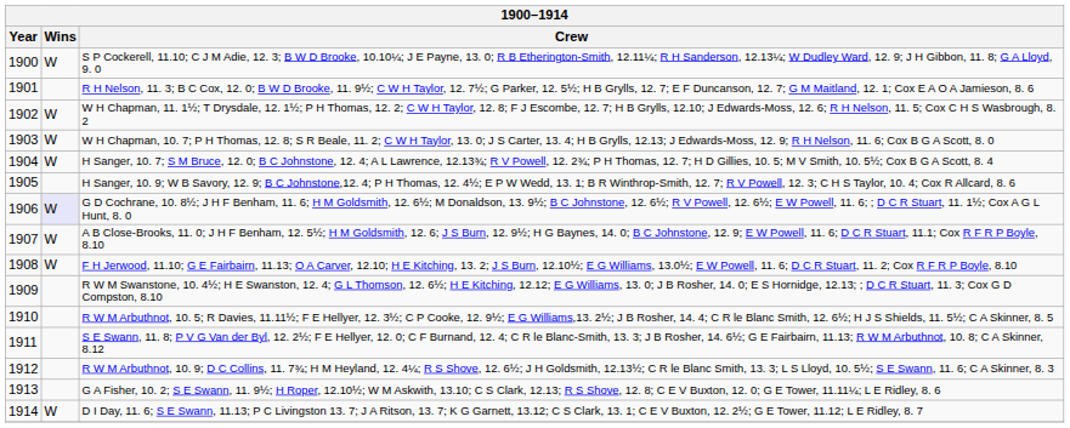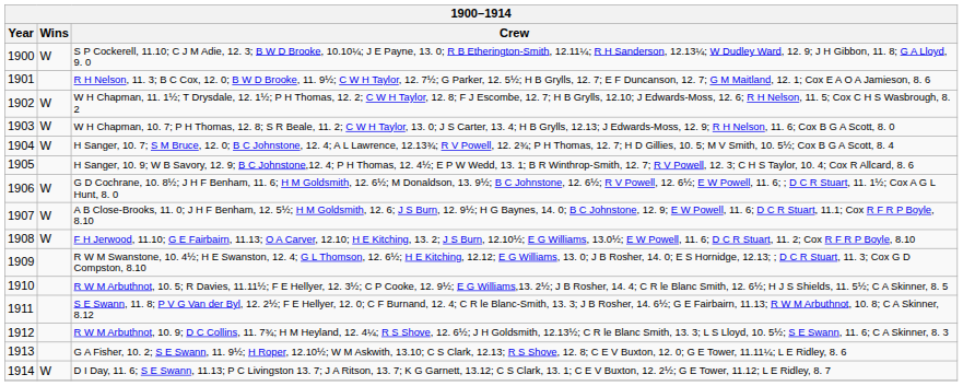 <table class="wikitable" style="width:100%;">
 <tr>
 <th colspan="3">1900–1914</th>
 </tr>
 <tr>
 <th>Year</th>
 <th>Wins</th>
 <th>Crew</th>
 </tr>
 <tr>
 <td>1900</td>
 <td>W</td>
 <td style="font-size:85%">S P Cockerell, 11.10; C J M Adie, 12. 3; <a href='#'>B W D Brooke</a>, 10.10¼; J E Payne, 13. 0; <a href='#'>R B Etherington-Smith</a>, 12.11¼; <a href='#'>R H Sanderson</a>, 12.13¼; <a href='#'>W Dudley Ward</a>, 12. 9; J H Gibbon, 11. 8; <a href='#'>G A Lloyd</a>, 9. 0</td>
 </tr>
 <tr>
 <td>1901</td>
 <td></td>
 <td style="font-size:85%"><a href='#'>R H Nelson</a>, 11. 3; B C Cox, 12. 0; <a href='#'>B W D Brooke</a>, 11. 9½; <a href='#'>C W H Taylor</a>, 12. 7½; G Parker, 12. 5½; H B Grylls, 12. 7; E F Duncanson, 12. 7; <a href='#'>G M Maitland</a>, 12. 1; Cox E A O A Jamieson, 8. 6</td>
 </tr>
 <tr>
 <td>1902</td>
 <td>W</td>
 <td style="font-size:85%">W H Chapman, 11. 1½; T Drysdale, 12. 1½; P H Thomas, 12. 2; <a href='#'>C W H Taylor</a>, 12. 8; F J Escombe, 12. 7; H B Grylls, 12.10; J Edwards-Moss, 12. 6; <a href='#'>R H Nelson</a>, 11. 5; Cox C H S Wasbrough, 8. 2</td>
 </tr>
 <tr>
 <td>1903</td>
 <td>W</td>
 <td style="font-size:85%">W H Chapman, 10. 7; P H Thomas, 12. 8; S R Beale, 11. 2; <a href='#'>C W H Taylor</a>, 13. 0; J S Carter, 13. 4; H B Grylls, 12.13; J Edwards-Moss, 12. 9; <a href='#'>R H Nelson</a>, 11. 6; Cox B G A Scott, 8. 0</td>
 </tr>
 <tr>
 <td>1904</td>
 <td>W</td>
 <td style="font-size:85%">H Sanger, 10. 7; <a href='#'>S M Bruce</a>, 12. 0; <a href='#'>B C Johnstone</a>, 12. 4; A L Lawrence, 12.13¾; <a href='#'>R V Powell</a>, 12. 2¾; P H Thomas, 12. 7; H D Gillies, 10. 5; M V Smith, 10. 5½; Cox B G A Scott, 8. 4</td>
 </tr>
 <tr>
 <td>1905</td>
 <td></td>
 <td style="font-size:85%">H Sanger, 10. 9; W B Savory, 12. 9; <a href='#'>B C Johnstone</a>,12. 4; P H Thomas, 12. 4½; E P W Wedd, 13. 1; B R Winthrop-Smith, 12. 7; <a href='#'>R V Powell</a>, 12. 3; C H S Taylor, 10. 4; Cox R Allcard, 8. 6</td>
 </tr>
 <tr>
 <td>1906</td>
-<td style="background: lavender;">W</td>
+<td>W</td>
 <td style="font-size:85%">G D Cochrane, 10. 8½; J H F Benham, 11. 6; <a href='#'>H M Goldsmith</a>, 12. 6½; M Donaldson, 13. 9½; <a href='#'>B C Johnstone</a>, 12. 6½; <a href='#'>R V Powell</a>, 12. 6½; <a href='#'>E W Powell</a>, 11. 6; ; <a href='#'>D C R Stuart</a>, 11. 1½; Cox A G L Hunt, 8. 0</td>
 </tr>
 <tr>
 <td>1907</td>
 <td>W</td>
 <td style="font-size:85%">A B Close-Brooks, 11. 0; J H F Benham, 12. 5½; <a href='#'>H M Goldsmith</a>, 12. 6; <a href='#'>J S Burn</a>, 12. 9½; H G Baynes, 14. 0; <a href='#'>B C Johnstone</a>, 12. 9; <a href='#'>E W Powell</a>, 11. 6; <a href='#'>D C R Stuart</a>, 11.1; Cox <a href='#'>R F R P Boyle</a>, 8.10</td>
 </tr>
 <tr>
 <td>1908</td>
 <td>W</td>
 <td style="font-size:85%"><a href='#'>F H Jerwood</a>, 11.10; <a href='#'>G E Fairbairn</a>, 11.13; <a href='#'>O A Carver</a>, 12.10; <a href='#'>H E Kitching</a>, 13. 2; <a href='#'>J S Burn</a>, 12.10½; <a href='#'>E G Williams</a>, 13.0½; <a href='#'>E W Powell</a>, 11. 6; <a href='#'>D C R Stuart</a>, 11. 2; Cox <a href='#'>R F R P Boyle</a>, 8.10</td>
 </tr>
 <tr>
 <td>1909</td>
 <td></td>
 <td style="font-size:85%">R W M Swanstone, 10. 4½; H E Swanston, 12. 4; <a href='#'>G L Thomson</a>, 12. 6½; <a href='#'>H E Kitching</a>, 12.12; <a href='#'>E G Williams</a>, 13. 0; J B Rosher, 14. 0; E S Hornidge, 12.13; ; <a href='#'>D C R Stuart</a>, 11. 3; Cox G D Compston, 8.10</td>
 </tr>
 <tr>
 <td>1910</td>
 <td></td>
 <td style="font-size:85%"><a href='#'>R W M Arbuthnot</a>, 10. 5; R Davies, 11.11½; F E Hellyer, 12. 3½; C P Cooke, 12. 9½; <a href='#'>E G Williams</a>,13. 2½; J B Rosher, 14. 4; C R le Blanc Smith, 12. 6½; H J S Shields, 11. 5½; C A Skinner, 8. 5</td>
 </tr>
 <tr>
 <td>1911</td>
 <td></td>
 <td style="font-size:85%"><a href='#'>S E Swann</a>, 11. 8; <a href='#'>P V G Van der Byl</a>, 12. 2½; F E Hellyer, 12. 0; C F Burnand, 12. 4; C R le Blanc-Smith, 13. 3; J B Rosher, 14. 6½; G E Fairbairn, 11.13; <a href='#'>R W M Arbuthnot</a>, 10. 8; C A Skinner, 8.12</td>
 </tr>
 <tr>
 <td>1912</td>
 <td></td>
 <td style="font-size:85%"><a href='#'>R W M Arbuthnot</a>, 10. 9; <a href='#'>D C Collins</a>, 11. 7¾; H M Heyland, 12. 4¼; <a href='#'>R S Shove</a>, 12. 6½; J H Goldsmith, 12.13½; C R le Blanc Smith, 13. 3; L S Lloyd, 10. 5½; <a href='#'>S E Swann</a>, 11. 6; C A Skinner, 8. 3</td>
 </tr>
 <tr>
 <td>1913</td>
 <td></td>
 <td style="font-size:85%">G A Fisher, 10. 2; <a href='#'>S E Swann</a>, 11. 9½; <a href='#'>H Roper</a>, 12.10½; W M Askwith, 13.10; C S Clark, 12.13; <a href='#'>R S Shove</a>, 12. 8; C E V Buxton, 12. 0; G E Tower, 11.11¼; L E Ridley, 8. 6</td>
 </tr>
 <tr>
 <td>1914</td>
 <td>W</td>
 <td style="font-size:85%">D I Day, 11. 6; <a href='#'>S E Swann</a>, 11.13; P C Livingston 13. 7; J A Ritson, 13. 7; K G Garnett, 13.12; C S Clark, 13. 1; C E V Buxton, 12. 2½; G E Tower, 11.12; L E Ridley, 8. 7</td>
 </tr>
 <tr>
 </tr>
 </table>
